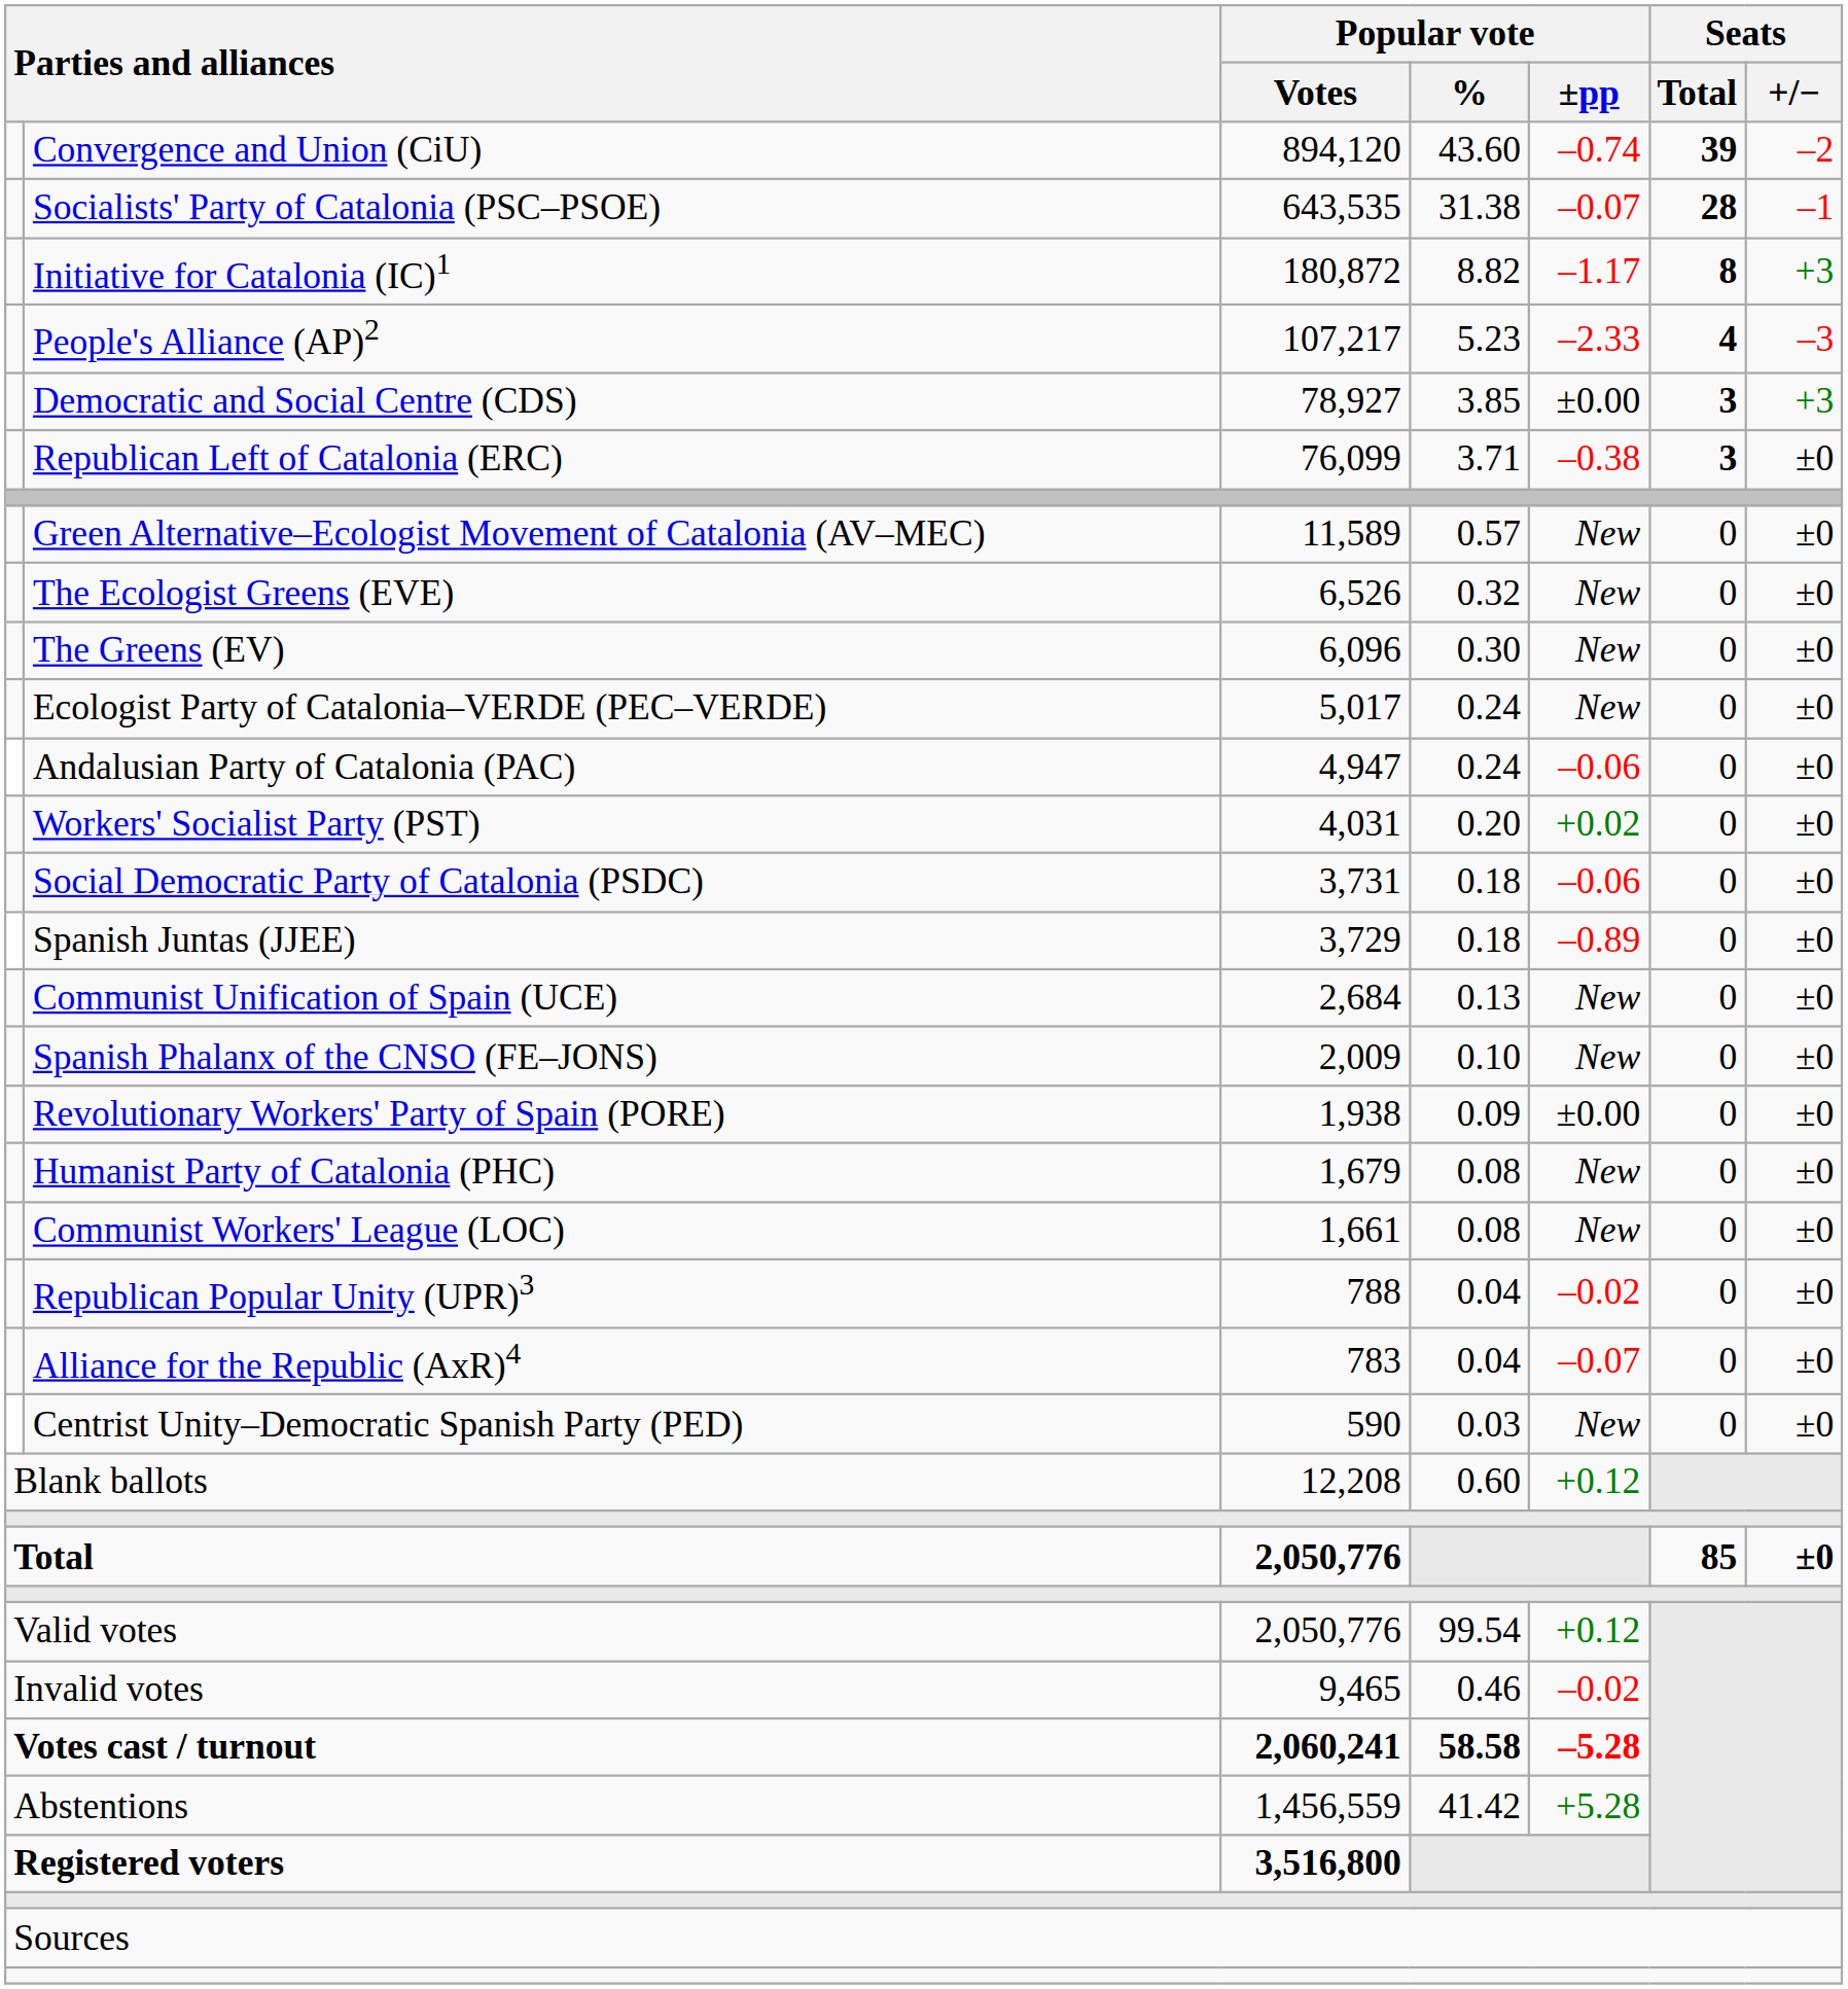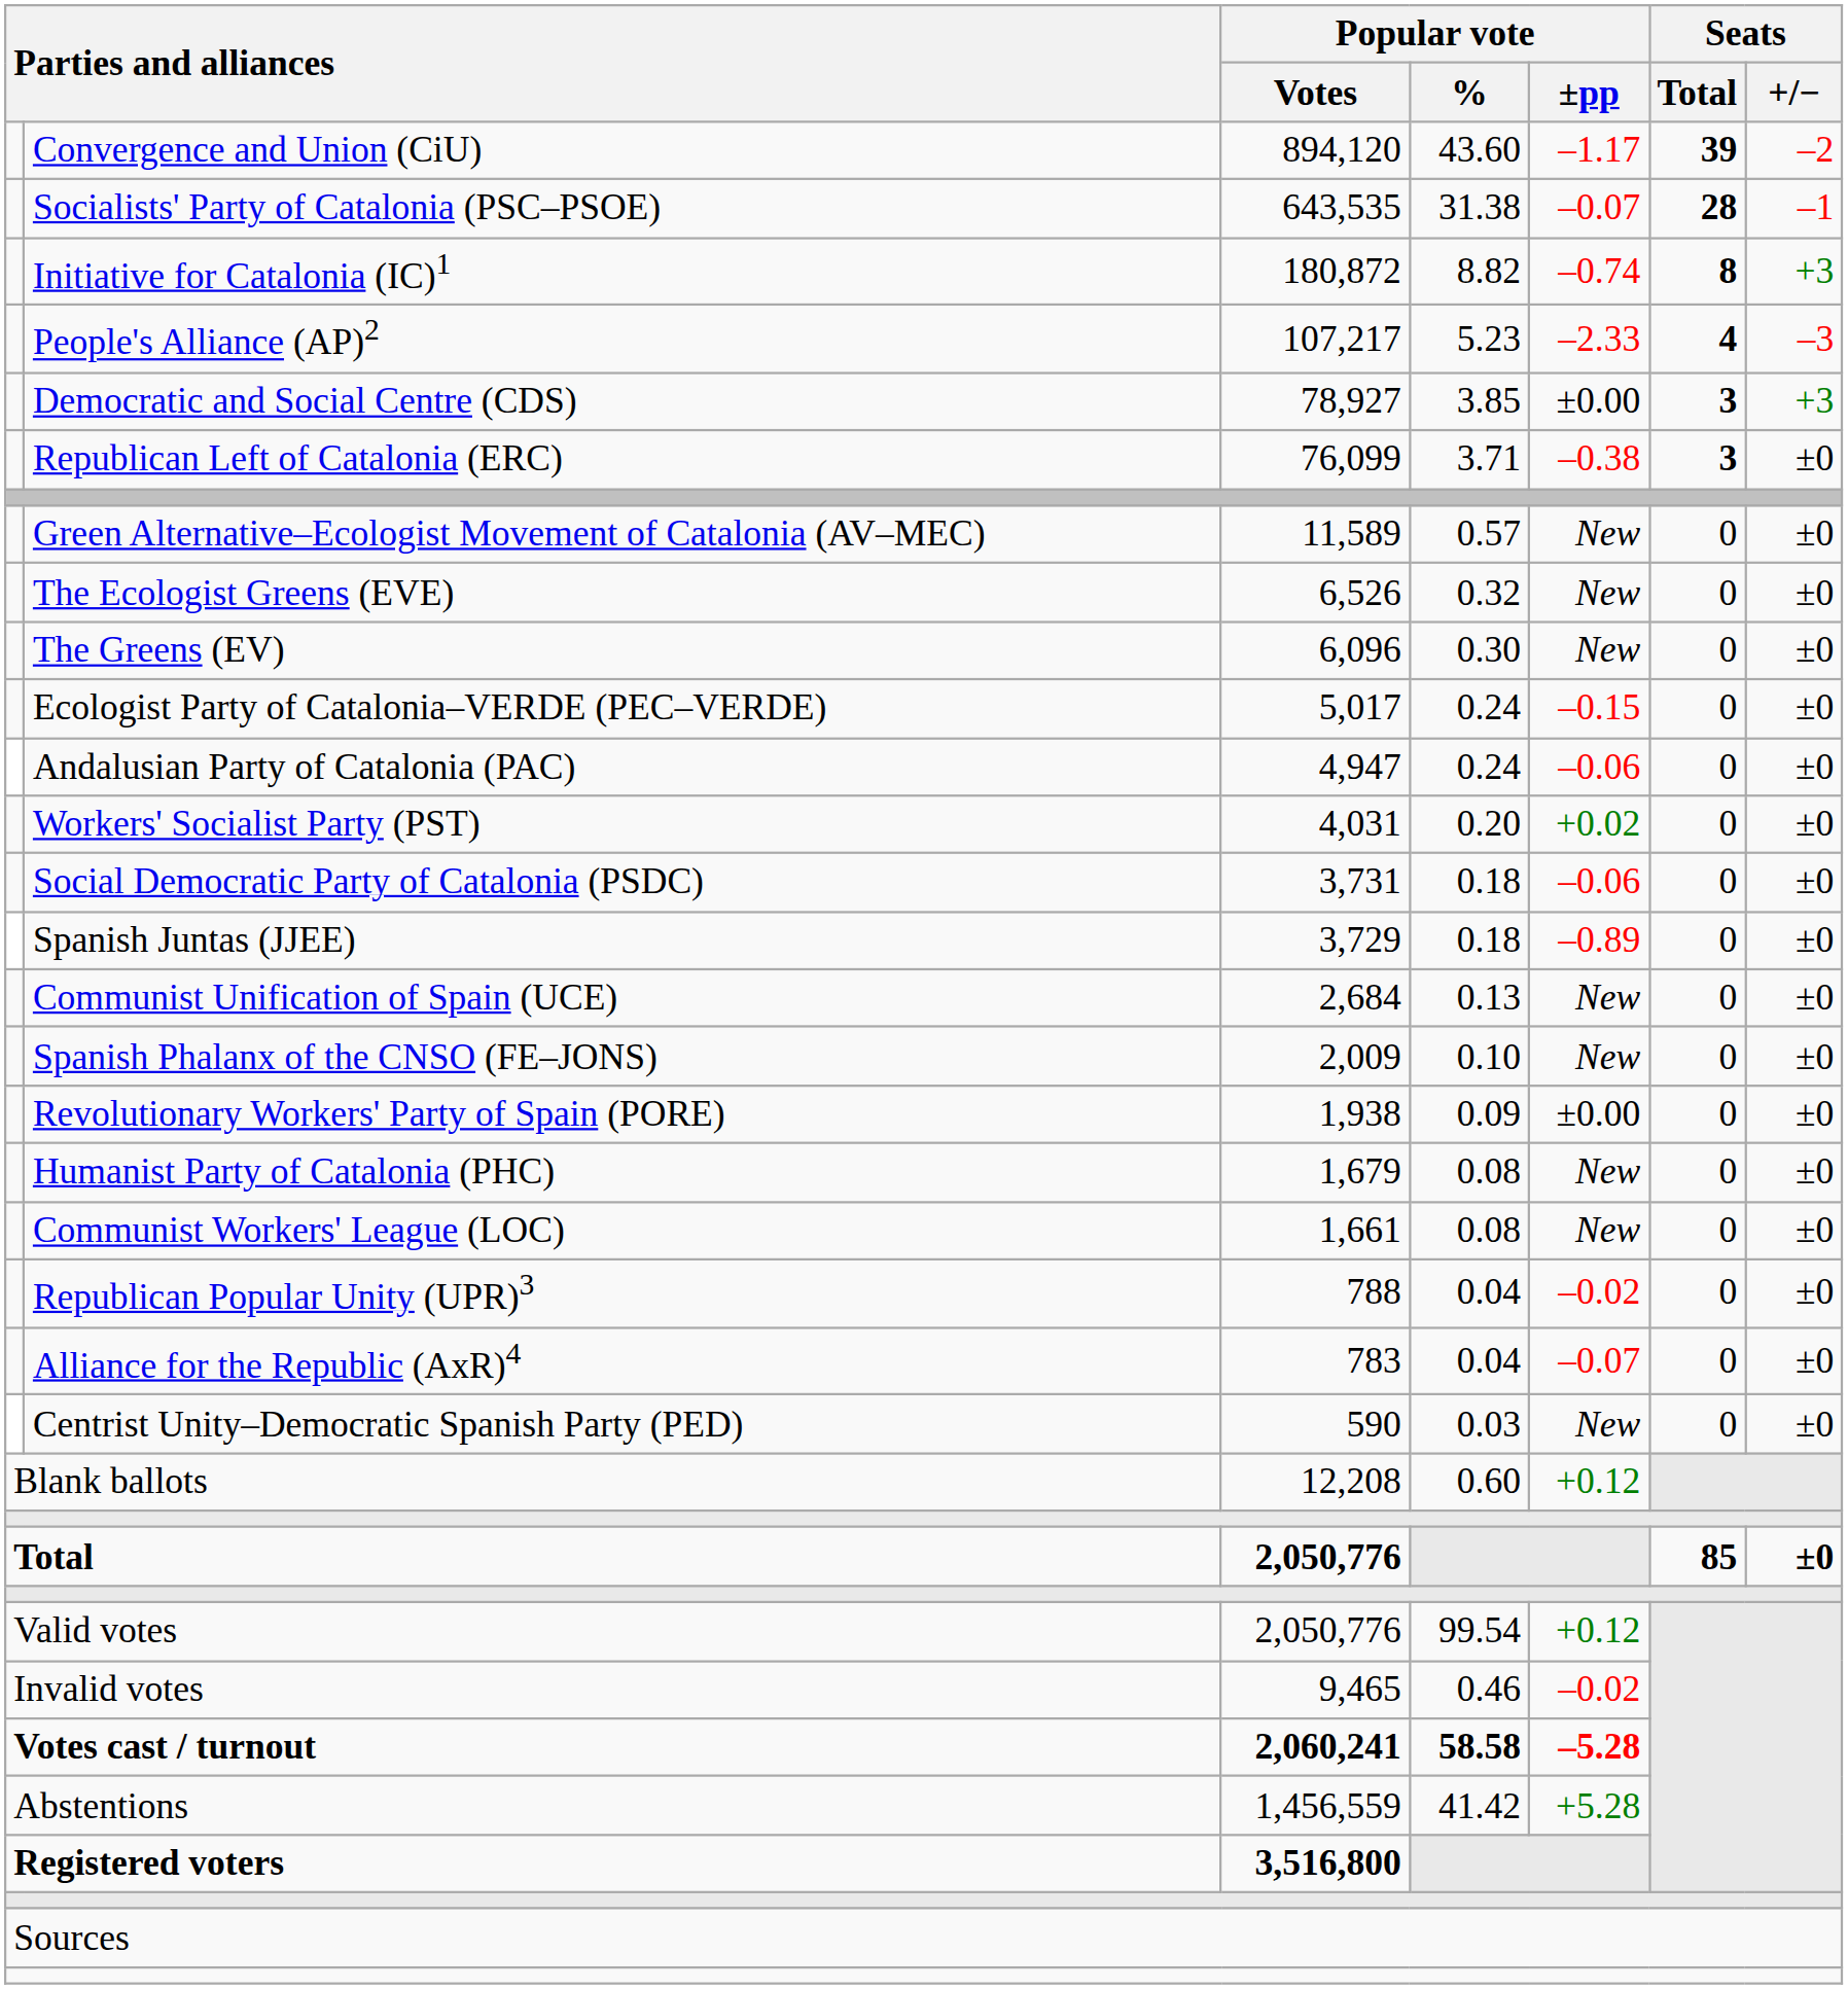 <table class="wikitable" style="text-align:right;">
 <tr>
 <th style="text-align:left;" rowspan="2" colspan="2" width="525">Parties and alliances</th>
 <th colspan="3">Popular vote</th>
 <th colspan="2">Seats</th>
 </tr>
 <tr>
 <th width="75">Votes</th>
 <th width="45">%</th>
 <th width="45">±<a href='#'>pp</a></th>
 <th width="35">Total</th>
 <th width="35">+/−</th>
 </tr>
 <tr>
 <td width="1" style="color:inherit;background:"></td>
 <td align="left"><a href='#'>Convergence and Union</a> (CiU)</td>
 <td>894,120</td>
 <td>43.60</td>
-<td style="color:red;">–0.74</td>
+<td style="color:red;">–1.17</td>
 <td><strong>39</strong></td>
 <td style="color:red;">–2</td>
 </tr>
 <tr>
 <td style="color:inherit;background:"></td>
 <td align="left"><a href='#'>Socialists' Party of Catalonia</a> (PSC–PSOE)</td>
 <td>643,535</td>
 <td>31.38</td>
 <td style="color:red;">–0.07</td>
 <td><strong>28</strong></td>
 <td style="color:red;">–1</td>
 </tr>
 <tr>
 <td style="color:inherit;background:"></td>
 <td align="left"><a href='#'>Initiative for Catalonia</a> (IC)<sup>1</sup></td>
 <td>180,872</td>
 <td>8.82</td>
-<td style="color:red;">–1.17</td>
+<td style="color:red;">–0.74</td>
 <td><strong>8</strong></td>
 <td style="color:green;">+3</td>
 </tr>
 <tr>
 <td style="color:inherit;background:"></td>
 <td align="left"><a href='#'>People's Alliance</a> (AP)<sup>2</sup></td>
 <td>107,217</td>
 <td>5.23</td>
 <td style="color:red;">–2.33</td>
 <td><strong>4</strong></td>
 <td style="color:red;">–3</td>
 </tr>
 <tr>
 <td style="color:inherit;background:"></td>
 <td align="left"><a href='#'>Democratic and Social Centre</a> (CDS)</td>
 <td>78,927</td>
 <td>3.85</td>
 <td>±0.00</td>
 <td><strong>3</strong></td>
 <td style="color:green;">+3</td>
 </tr>
 <tr>
 <td style="color:inherit;background:"></td>
 <td align="left"><a href='#'>Republican Left of Catalonia</a> (ERC)</td>
 <td>76,099</td>
 <td>3.71</td>
 <td style="color:red;">–0.38</td>
 <td><strong>3</strong></td>
 <td>±0</td>
 </tr>
 <tr>
 <td colspan="7" bgcolor="#C0C0C0"></td>
 </tr>
 <tr>
 <td style="color:inherit;background:"></td>
 <td align="left"><a href='#'>Green Alternative–Ecologist Movement of Catalonia</a> (AV–MEC)</td>
 <td>11,589</td>
 <td>0.57</td>
 <td><em>New</em></td>
 <td>0</td>
 <td>±0</td>
 </tr>
 <tr>
 <td style="color:inherit;background:"></td>
 <td align="left"><a href='#'>The Ecologist Greens</a> (EVE)</td>
 <td>6,526</td>
 <td>0.32</td>
 <td><em>New</em></td>
 <td>0</td>
 <td>±0</td>
 </tr>
 <tr>
 <td style="color:inherit;background:"></td>
 <td align="left"><a href='#'>The Greens</a> (EV)</td>
 <td>6,096</td>
 <td>0.30</td>
 <td><em>New</em></td>
 <td>0</td>
 <td>±0</td>
 </tr>
 <tr>
 <td style="color:inherit;background:"></td>
 <td align="left">Ecologist Party of Catalonia–VERDE (PEC–VERDE)</td>
 <td>5,017</td>
 <td>0.24</td>
-<td><em>New</em></td>
+<td style="color:red;">–0.15</td>
 <td>0</td>
 <td>±0</td>
 </tr>
 <tr>
 <td bgcolor="white"></td>
 <td align="left">Andalusian Party of Catalonia (PAC)</td>
 <td>4,947</td>
 <td>0.24</td>
 <td style="color:red;">–0.06</td>
 <td>0</td>
 <td>±0</td>
 </tr>
 <tr>
 <td style="color:inherit;background:"></td>
 <td align="left"><a href='#'>Workers' Socialist Party</a> (PST)</td>
 <td>4,031</td>
 <td>0.20</td>
 <td style="color:green;">+0.02</td>
 <td>0</td>
 <td>±0</td>
 </tr>
 <tr>
 <td style="color:inherit;background:"></td>
 <td align="left"><a href='#'>Social Democratic Party of Catalonia</a> (PSDC)</td>
 <td>3,731</td>
 <td>0.18</td>
 <td style="color:red;">–0.06</td>
 <td>0</td>
 <td>±0</td>
 </tr>
 <tr>
 <td bgcolor="white"></td>
 <td align="left">Spanish Juntas (JJEE)</td>
 <td>3,729</td>
 <td>0.18</td>
 <td style="color:red;">–0.89</td>
 <td>0</td>
 <td>±0</td>
 </tr>
 <tr>
 <td style="color:inherit;background:"></td>
 <td align="left"><a href='#'>Communist Unification of Spain</a> (UCE)</td>
 <td>2,684</td>
 <td>0.13</td>
 <td><em>New</em></td>
 <td>0</td>
 <td>±0</td>
 </tr>
 <tr>
 <td style="color:inherit;background:"></td>
 <td align="left"><a href='#'>Spanish Phalanx of the CNSO</a> (FE–JONS)</td>
 <td>2,009</td>
 <td>0.10</td>
 <td><em>New</em></td>
 <td>0</td>
 <td>±0</td>
 </tr>
 <tr>
 <td style="color:inherit;background:"></td>
 <td align="left"><a href='#'>Revolutionary Workers' Party of Spain</a> (PORE)</td>
 <td>1,938</td>
 <td>0.09</td>
 <td>±0.00</td>
 <td>0</td>
 <td>±0</td>
 </tr>
 <tr>
 <td style="color:inherit;background:"></td>
 <td align="left"><a href='#'>Humanist Party of Catalonia</a> (PHC)</td>
 <td>1,679</td>
 <td>0.08</td>
 <td><em>New</em></td>
 <td>0</td>
 <td>±0</td>
 </tr>
 <tr>
 <td style="color:inherit;background:"></td>
 <td align="left"><a href='#'>Communist Workers' League</a> (LOC)</td>
 <td>1,661</td>
 <td>0.08</td>
 <td><em>New</em></td>
 <td>0</td>
 <td>±0</td>
 </tr>
 <tr>
 <td style="color:inherit;background:"></td>
 <td align="left"><a href='#'>Republican Popular Unity</a> (UPR)<sup>3</sup></td>
 <td>788</td>
 <td>0.04</td>
 <td style="color:red;">–0.02</td>
 <td>0</td>
 <td>±0</td>
 </tr>
 <tr>
 <td style="color:inherit;background:"></td>
 <td align="left"><a href='#'>Alliance for the Republic</a> (AxR)<sup>4</sup></td>
 <td>783</td>
 <td>0.04</td>
 <td style="color:red;">–0.07</td>
 <td>0</td>
 <td>±0</td>
 </tr>
 <tr>
 <td bgcolor="white"></td>
 <td align="left">Centrist Unity–Democratic Spanish Party (PED)</td>
 <td>590</td>
 <td>0.03</td>
 <td><em>New</em></td>
 <td>0</td>
 <td>±0</td>
 </tr>
 <tr>
 <td align="left" colspan="2">Blank ballots</td>
 <td>12,208</td>
 <td>0.60</td>
 <td style="color:green;">+0.12</td>
 <td bgcolor="#E9E9E9" colspan="2"></td>
 </tr>
 <tr>
 <td colspan="7" bgcolor="#E9E9E9"></td>
 </tr>
 <tr style="font-weight:bold;">
 <td align="left" colspan="2">Total</td>
 <td>2,050,776</td>
 <td bgcolor="#E9E9E9" colspan="2"></td>
 <td>85</td>
 <td>±0</td>
 </tr>
 <tr>
 <td colspan="7" bgcolor="#E9E9E9"></td>
 </tr>
 <tr>
 <td align="left" colspan="2">Valid votes</td>
 <td>2,050,776</td>
 <td>99.54</td>
 <td style="color:green;">+0.12</td>
 <td bgcolor="#E9E9E9" colspan="2" rowspan="5"></td>
 </tr>
 <tr>
 <td align="left" colspan="2">Invalid votes</td>
 <td>9,465</td>
 <td>0.46</td>
 <td style="color:red;">–0.02</td>
 </tr>
 <tr style="font-weight:bold;">
 <td align="left" colspan="2">Votes cast / turnout</td>
 <td>2,060,241</td>
 <td>58.58</td>
 <td style="color:red;">–5.28</td>
 </tr>
 <tr>
 <td align="left" colspan="2">Abstentions</td>
 <td>1,456,559</td>
 <td>41.42</td>
 <td style="color:green;">+5.28</td>
 </tr>
 <tr style="font-weight:bold;">
 <td align="left" colspan="2">Registered voters</td>
 <td>3,516,800</td>
 <td bgcolor="#E9E9E9" colspan="2"></td>
 </tr>
 <tr>
 <td colspan="7" bgcolor="#E9E9E9"></td>
 </tr>
 <tr>
 <td align="left" colspan="7">Sources</td>
 </tr>
 <tr>
 <td colspan="7" style="text-align:left; max-width:790px;"></td>
 </tr>
 </table>
